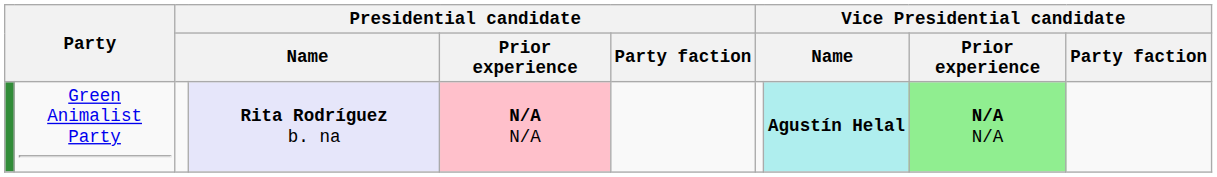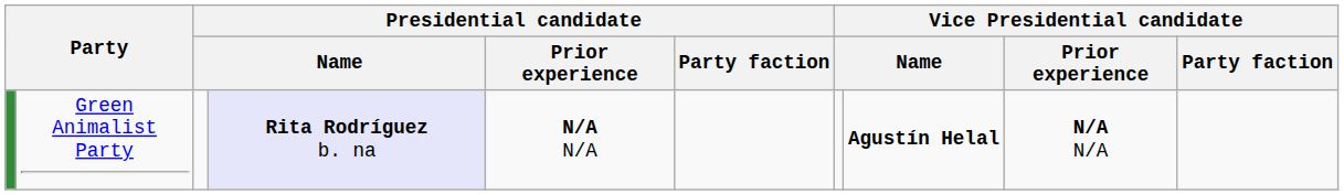 <table class="wikitable" style="text-align:center; width:795;">
 <tr>
 <th colspan="2" rowspan="2" style="width:120px;">Party</th>
 <th colspan="4" rowspan="1" style="width:310px;">Presidential candidate</th>
 <th colspan="4" rowspan="1" style="width:200px;">Vice Presidential candidate</th>
 </tr>
 <tr>
 <th colspan="2" style="width:190px;">Name<br></th>
 <th style="width:120px;">Prior experience</th>
 <th>Party faction</th>
 <th colspan="2" style="width:90px;">Name<br></th>
 <th style="width:110px;">Prior experience</th>
 <th>Party faction</th>
 </tr>
 <tr>
 <td style="background:#318C38"></td>
 <td style="width:113px;"> <a href='#'>Green Animalist Party</a><hr></td>
 <td></td>
 <td style="background:lavender;" data-sort-value="Rita Rodríguez"><strong>Rita Rodríguez</strong><br>b. na</td>
-<td style="background: pink;"><strong>N/A</strong><br>N/A</td>
+<td><strong>N/A</strong><br>N/A</td>
 <td> </td>
 <td></td>
-<td style="background: paleturquoise;"><strong>Agustín Helal</strong></td>
-<td style="background: lightgreen;"><strong>N/A</strong><br>N/A</td>
+<td><strong>Agustín Helal</strong></td>
+<td><strong>N/A</strong><br>N/A</td>
 <td> </td>
 </tr>
 </table>
